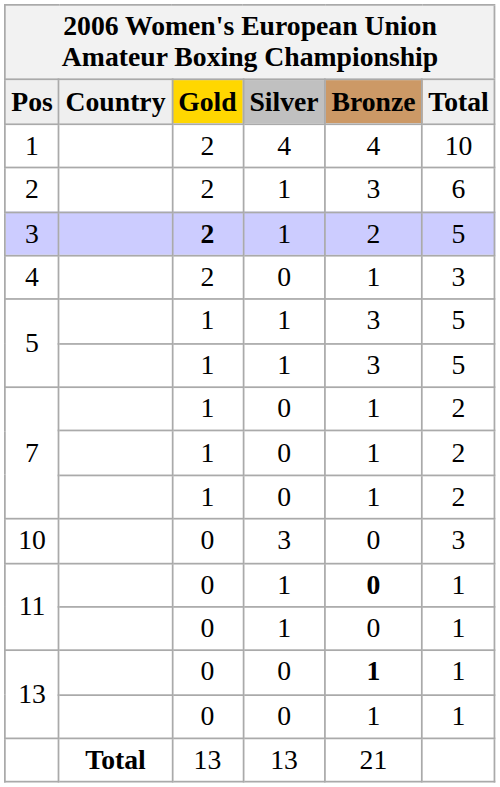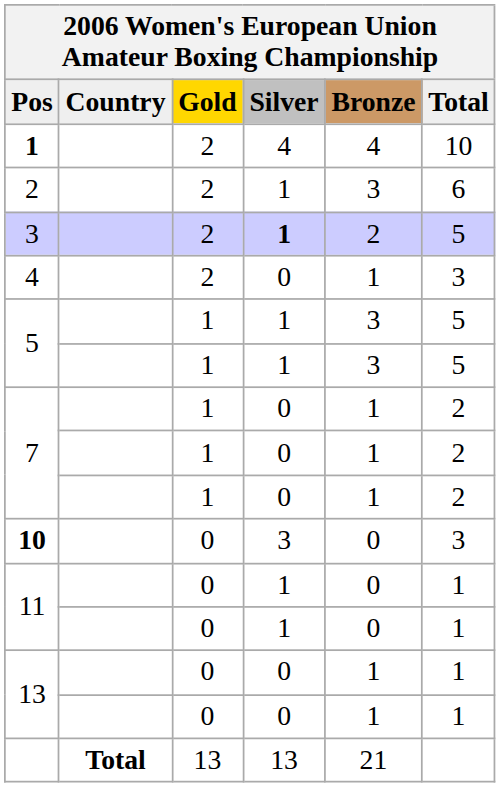 <table class="wikitable">
 <tr>
 <th colspan=7 style="border-right:0px;";><strong>2006 Women's European Union<br>Amateur Boxing Championship</strong></th>
 </tr>
 <tr bgcolor="#efefef">
 <td><strong>Pos</strong></td>
 <td><strong>Country</strong></td>
 <td bgcolor="gold"><strong>Gold</strong></td>
 <td bgcolor="silver"><strong>Silver</strong></td>
 <td bgcolor="CC9966"><strong>Bronze</strong></td>
 <td><strong>Total</strong></td>
 </tr>
 <tr bgcolor="#FFFFFF" align="center">
-<td>1</td>
+<td><strong>1</strong></td>
 <td align="left"></td>
 <td>2</td>
 <td>4</td>
 <td>4</td>
 <td>10</td>
 </tr>
 <tr bgcolor="#FFFFFF" align="center">
 <td>2</td>
 <td align="left"></td>
 <td>2</td>
 <td>1</td>
 <td>3</td>
 <td>6</td>
 </tr>
 <tr bgcolor="#CCCCFF" align="center">
 <td>3</td>
 <td align="left"></td>
-<td><strong>2</strong></td>
-<td>1</td>
+<td>2</td>
+<td><strong>1</strong></td>
 <td>2</td>
 <td>5</td>
 </tr>
 <tr bgcolor="#FFFFFF" align="center">
 <td>4</td>
 <td align="left"></td>
 <td>2</td>
 <td>0</td>
 <td>1</td>
 <td>3</td>
 </tr>
 <tr bgcolor="#FFFFFF" align="center">
 <td rowspan=2>5</td>
 <td align="left"></td>
 <td>1</td>
 <td>1</td>
 <td>3</td>
 <td>5</td>
 </tr>
 <tr bgcolor="#FFFFFF" align="center">
 <td align="left"></td>
 <td>1</td>
 <td>1</td>
 <td>3</td>
 <td>5</td>
 </tr>
 <tr bgcolor="#FFFFFF" align="center">
 <td rowspan=3>7</td>
 <td align="left"></td>
 <td>1</td>
 <td>0</td>
 <td>1</td>
 <td>2</td>
 </tr>
 <tr bgcolor="#FFFFFF" align="center">
 <td align="left"></td>
 <td>1</td>
 <td>0</td>
 <td>1</td>
 <td>2</td>
 </tr>
 <tr bgcolor="#FFFFFF" align="center">
 <td align="left"></td>
 <td>1</td>
 <td>0</td>
 <td>1</td>
 <td>2</td>
 </tr>
 <tr bgcolor="#FFFFFF" align="center">
-<td>10</td>
+<td><strong>10</strong></td>
 <td align="left"></td>
 <td>0</td>
 <td>3</td>
 <td>0</td>
 <td>3</td>
 </tr>
 <tr bgcolor="#FFFFFF" align="center">
 <td rowspan=2>11</td>
 <td align="left"></td>
 <td>0</td>
 <td>1</td>
-<td><strong>0</strong></td>
+<td>0</td>
 <td>1</td>
 </tr>
 <tr bgcolor="#FFFFFF" align="center">
 <td align="left"></td>
 <td>0</td>
 <td>1</td>
 <td>0</td>
 <td>1</td>
 </tr>
 <tr bgcolor="#FFFFFF" align="center">
 <td rowspan=2>13</td>
 <td align="left"></td>
 <td>0</td>
 <td>0</td>
-<td><strong>1</strong></td>
+<td>1</td>
 <td>1</td>
 </tr>
 <tr bgcolor="#FFFFFF" align="center">
 <td align="left"></td>
 <td>0</td>
 <td>0</td>
 <td>1</td>
 <td>1</td>
 </tr>
 <tr bgcolor="#FFFFFF" align="center">
 <td></td>
 <td align="center"><strong>Total</strong></td>
 <td>13</td>
 <td>13</td>
 <td>21</td>
 <td></td>
 </tr>
 </table>
